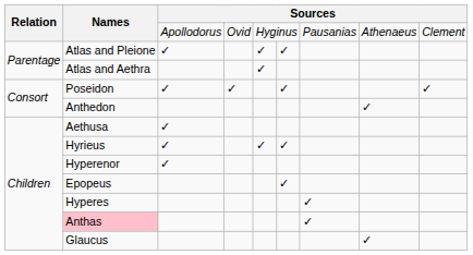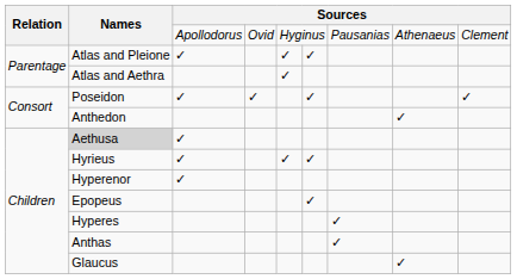 <table class="wikitable">
 <tr>
 <th rowspan="2">Relation</th>
 <th rowspan="2">Names</th>
 <th colspan="7">Sources</th>
 </tr>
 <tr>
 <td><em>Apollodorus</em></td>
 <td><em>Ovid</em></td>
 <td colspan="2"><em>Hyginus</em></td>
 <td><em>Pausanias</em></td>
 <td><em>Athenaeus</em></td>
 <td><em>Clement</em></td>
 </tr>
 <tr>
 <td rowspan="2"><em>Parentage</em></td>
 <td>Atlas and Pleione</td>
 <td>✓</td>
 <td></td>
 <td>✓</td>
 <td>✓</td>
 <td></td>
 <td></td>
 <td></td>
 </tr>
 <tr>
 <td>Atlas and Aethra</td>
 <td></td>
 <td></td>
 <td>✓</td>
 <td></td>
 <td></td>
 <td></td>
 <td></td>
 </tr>
 <tr>
 <td rowspan="2"><em>Consort</em></td>
 <td>Poseidon</td>
 <td>✓</td>
 <td>✓</td>
 <td></td>
 <td>✓</td>
 <td></td>
 <td></td>
 <td>✓</td>
 </tr>
 <tr>
 <td>Anthedon</td>
 <td></td>
 <td></td>
 <td></td>
 <td></td>
 <td></td>
 <td>✓</td>
 <td></td>
 </tr>
 <tr>
 <td rowspan="7"><em>Children</em></td>
-<td>Aethusa</td>
+<td style="background: lightgrey;">Aethusa</td>
 <td>✓</td>
 <td></td>
 <td></td>
 <td></td>
 <td></td>
 <td></td>
 <td></td>
 </tr>
 <tr>
 <td>Hyrieus</td>
 <td>✓</td>
 <td></td>
 <td>✓</td>
 <td>✓</td>
 <td></td>
 <td></td>
 <td></td>
 </tr>
 <tr>
 <td>Hyperenor</td>
 <td>✓</td>
 <td></td>
 <td></td>
 <td></td>
 <td></td>
 <td></td>
 <td></td>
 </tr>
 <tr>
 <td>Epopeus</td>
 <td></td>
 <td></td>
 <td></td>
 <td>✓</td>
 <td></td>
 <td></td>
 <td></td>
 </tr>
 <tr>
 <td>Hyperes</td>
 <td></td>
 <td></td>
 <td></td>
 <td></td>
 <td>✓</td>
 <td></td>
 <td></td>
 </tr>
 <tr>
-<td style="background: pink;">Anthas</td>
+<td>Anthas</td>
 <td></td>
 <td></td>
 <td></td>
 <td></td>
 <td>✓</td>
 <td></td>
 <td></td>
 </tr>
 <tr>
 <td>Glaucus</td>
 <td></td>
 <td></td>
 <td></td>
 <td></td>
 <td></td>
 <td>✓</td>
 <td></td>
 </tr>
 </table>
